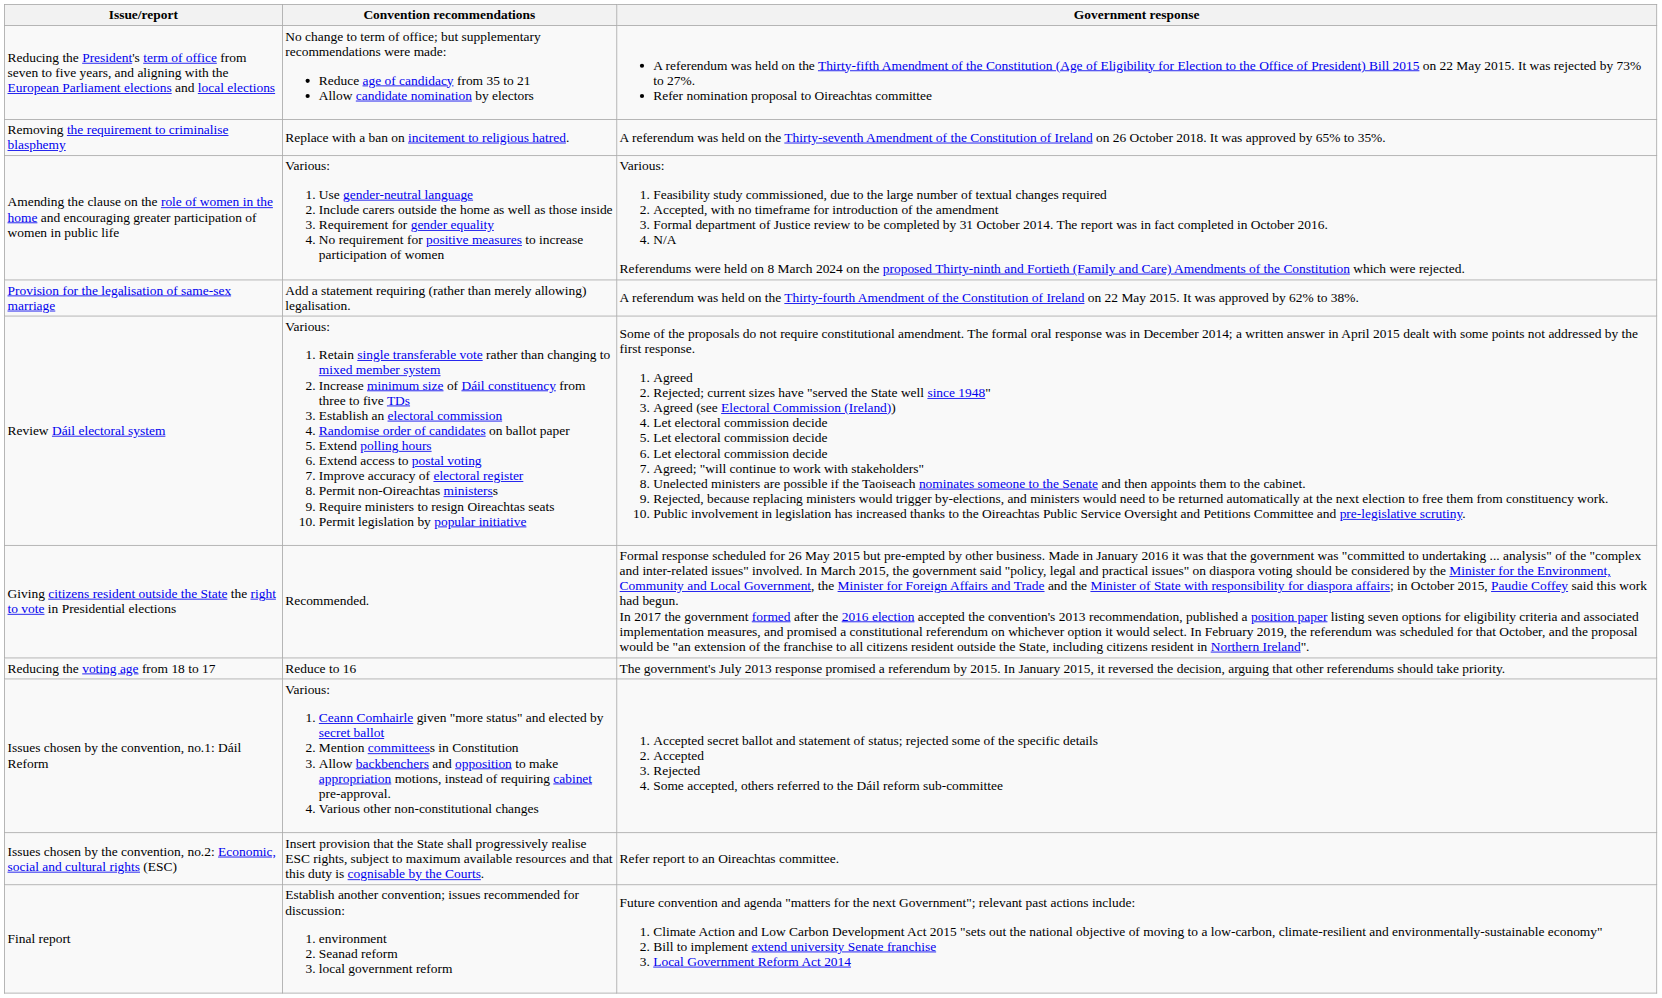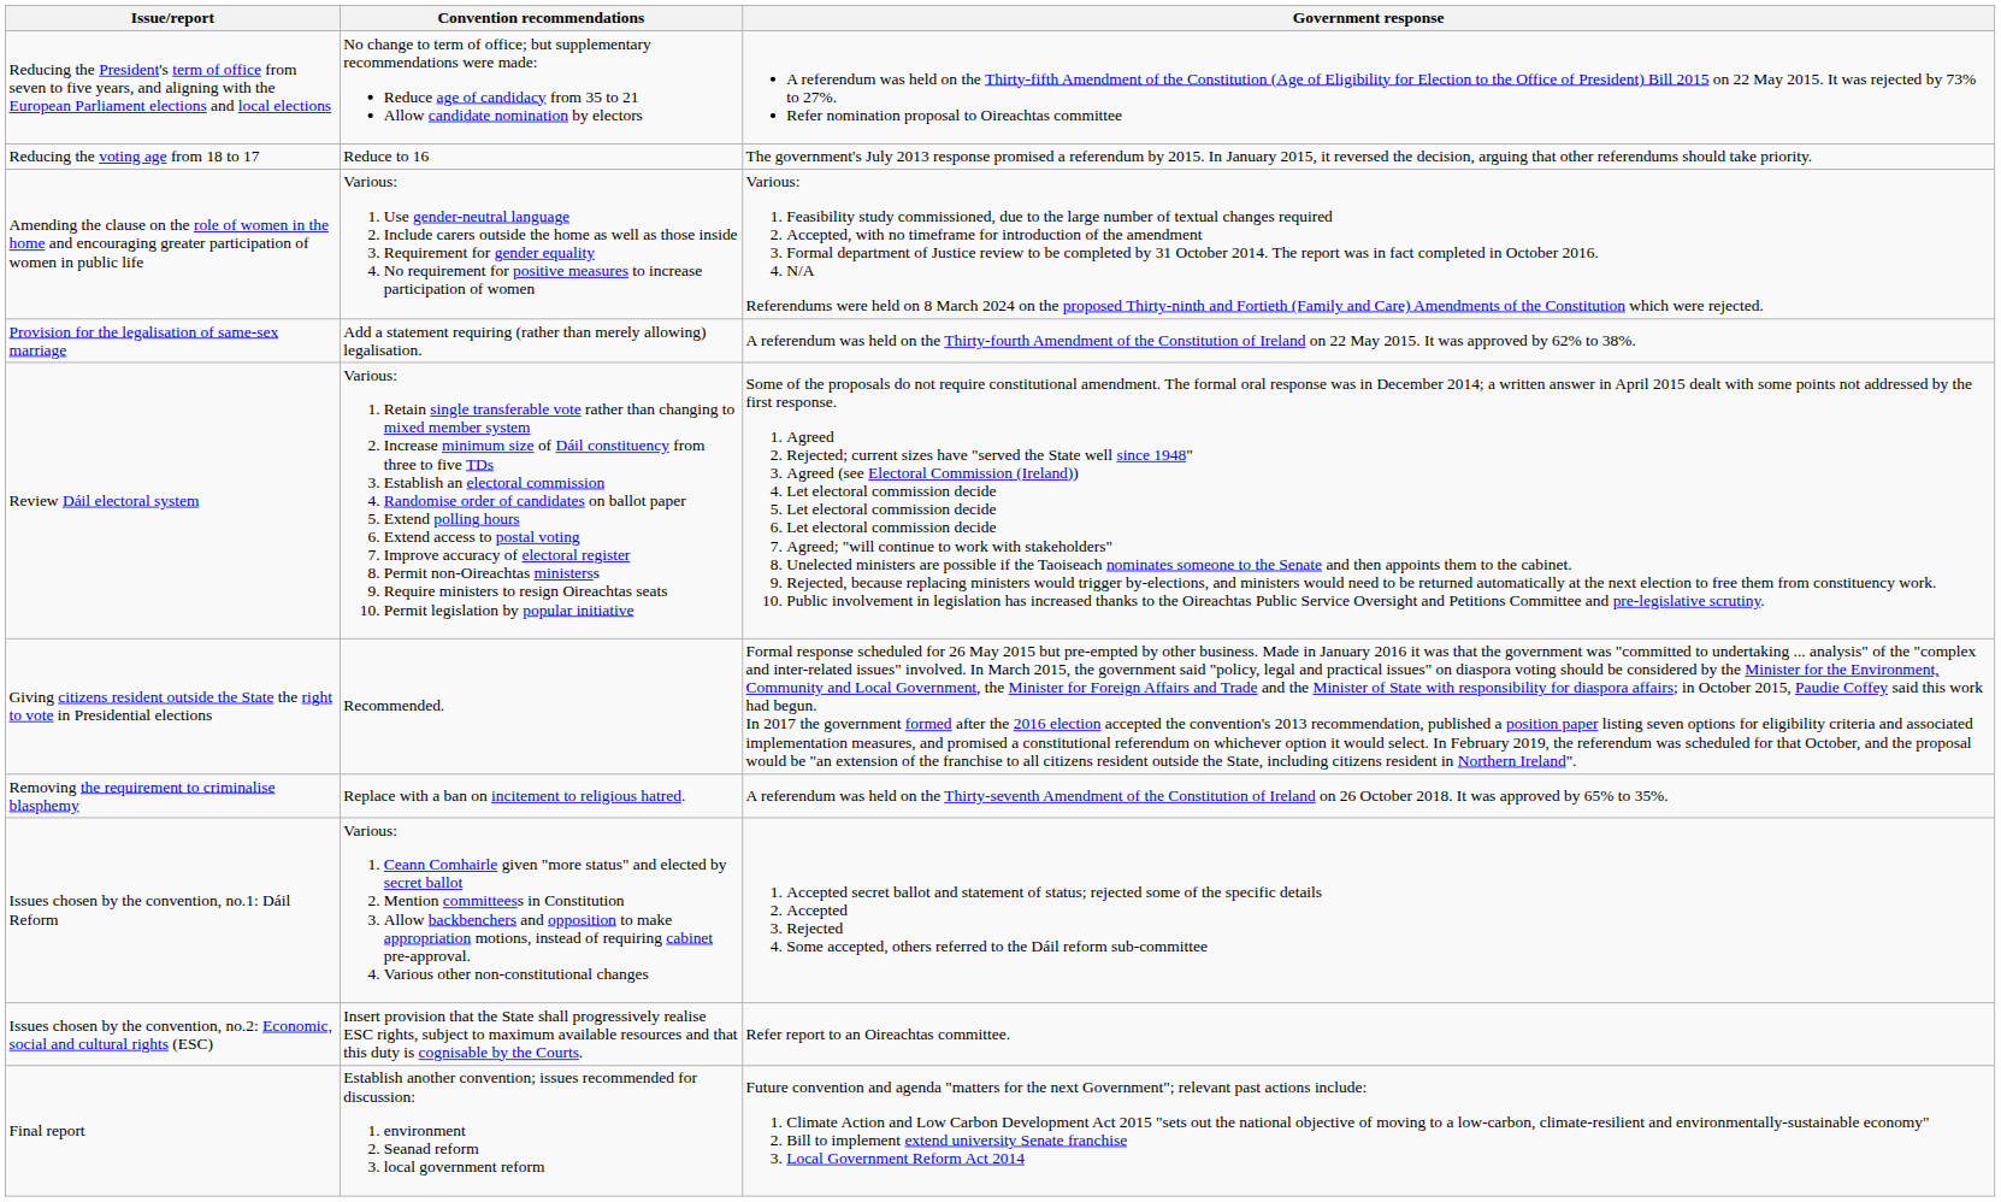 <table class="wikitable">
 <tr>
 <th>Issue/report</th>
 <th>Convention recommendations</th>
 <th>Government response</th>
 </tr>
 <tr>
 <td>Reducing the <a href='#'>President</a>'s <a href='#'>term of office</a> from seven to five years, and aligning with the <a href='#'>European Parliament elections</a> and <a href='#'>local elections</a></td>
 <td>No change to term of office; but supplementary recommendations were made:<br><ul><li>Reduce <a href='#'>age of candidacy</a> from 35 to 21</li><li>Allow <a href='#'>candidate nomination</a> by electors</li></ul></td>
 <td><br><ul><li>A referendum was held on the <a href='#'>Thirty-fifth Amendment of the Constitution (Age of Eligibility for Election to the Office of President) Bill 2015</a> on 22 May 2015. It was rejected by 73% to 27%.</li><li>Refer nomination proposal to Oireachtas committee</li></ul></td>
 </tr>
 <tr>
-<td>Removing <a href='#'>the requirement to criminalise blasphemy</a></td>
-<td>Replace with a ban on <a href='#'>incitement to religious hatred</a>.</td>
-<td>A referendum was held on the <a href='#'>Thirty-seventh Amendment of the Constitution of Ireland</a> on 26 October 2018. It was approved by 65% to 35%.</td>
+<td>Reducing the <a href='#'>voting age</a> from 18 to 17</td>
+<td>Reduce to 16</td>
+<td>The government's July 2013 response promised a referendum by 2015. In January 2015, it reversed the decision, arguing that other referendums should take priority.</td>
 </tr>
 <tr>
 <td>Amending the clause on the <a href='#'>role of women in the home</a> and encouraging greater participation of women in public life</td>
 <td>Various:<br><ol><li>Use <a href='#'>gender-neutral language</a></li><li>Include carers outside the home as well as those inside</li><li>Requirement for <a href='#'>gender equality</a></li><li>No requirement for <a href='#'>positive measures</a> to increase participation of women</li></ol></td>
 <td>Various:<br><ol><li>Feasibility study commissioned, due to the large number of textual changes required</li><li>Accepted, with no timeframe for introduction of the amendment</li><li>Formal department of Justice review to be completed by 31 October 2014. The report was in fact completed in October 2016.</li><li>N/A</li></ol>Referendums were held on 8 March 2024 on the <a href='#'>proposed Thirty-ninth and Fortieth (Family and Care) Amendments of the Constitution</a> which were rejected.</td>
 </tr>
 <tr>
 <td><a href='#'>Provision for the legalisation of same-sex marriage</a></td>
 <td>Add a statement requiring (rather than merely allowing) legalisation.</td>
 <td>A referendum was held on the <a href='#'>Thirty-fourth Amendment of the Constitution of Ireland</a> on 22 May 2015. It was approved by 62% to 38%.</td>
 </tr>
 <tr>
 <td>Review <a href='#'>Dáil electoral system</a></td>
 <td>Various:<br><ol><li>Retain <a href='#'>single transferable vote</a> rather than changing to <a href='#'>mixed member system</a></li><li>Increase <a href='#'>minimum size</a> of <a href='#'>Dáil constituency</a> from three to five <a href='#'>TDs</a></li><li>Establish an  <a href='#'>electoral commission</a></li><li><a href='#'>Randomise order of candidates</a> on ballot paper</li><li>Extend <a href='#'>polling hours</a></li><li>Extend access to <a href='#'>postal voting</a></li><li>Improve accuracy of <a href='#'>electoral register</a></li><li>Permit non-Oireachtas <a href='#'>ministers</a>s</li><li>Require ministers to resign Oireachtas seats</li><li>Permit legislation by <a href='#'>popular initiative</a></li></ol></td>
 <td>Some of the proposals do not require constitutional amendment. The formal oral response was in December 2014; a written answer in April 2015 dealt with some points not addressed by the first response.<br><ol><li>Agreed</li><li>Rejected; current sizes have "served the State well <a href='#'>since 1948</a>"</li><li>Agreed (see <a href='#'>Electoral Commission (Ireland)</a>)</li><li>Let electoral commission decide</li><li>Let electoral commission decide</li><li>Let electoral commission decide</li><li>Agreed; "will continue to work with stakeholders"</li><li>Unelected ministers are possible if the Taoiseach <a href='#'>nominates someone to the Senate</a> and then appoints them to the cabinet.</li><li>Rejected, because replacing ministers would trigger by-elections, and ministers would need to be returned automatically at the next election to free them from constituency work.</li><li>Public involvement in legislation has increased thanks to the Oireachtas Public Service Oversight and Petitions Committee and <a href='#'>pre-legislative scrutiny</a>.</li></ol></td>
 </tr>
 <tr>
 <td>Giving <a href='#'>citizens resident outside the State</a> the <a href='#'>right to vote</a> in Presidential elections</td>
 <td>Recommended.</td>
 <td> Formal response scheduled for 26 May 2015 but pre-empted by other business. Made in January 2016 it was that the government was "committed to undertaking ... analysis" of the "complex and inter-related issues" involved.  In March 2015, the government said "policy, legal and practical issues" on diaspora voting should be considered by the <a href='#'>Minister for the Environment, Community and Local Government</a>, the <a href='#'>Minister for Foreign Affairs and Trade</a> and the <a href='#'>Minister of State with responsibility for diaspora affairs</a>; in October 2015, <a href='#'>Paudie Coffey</a> said this work had begun.<br>In 2017 the government <a href='#'>formed</a> after the <a href='#'>2016 election</a> accepted the convention's 2013 recommendation, published a <a href='#'>position paper</a> listing seven options for eligibility criteria and associated implementation measures, and promised a constitutional referendum on whichever option it would select. In February 2019, the referendum was scheduled for that October, and the proposal would be "an extension of the franchise to all citizens resident outside the State, including citizens resident in <a href='#'>Northern Ireland</a>".</td>
 </tr>
 <tr>
-<td>Reducing the <a href='#'>voting age</a> from 18 to 17</td>
-<td>Reduce to 16</td>
-<td>The government's July 2013 response promised a referendum by 2015. In January 2015, it reversed the decision, arguing that other referendums should take priority.</td>
+<td>Removing <a href='#'>the requirement to criminalise blasphemy</a></td>
+<td>Replace with a ban on <a href='#'>incitement to religious hatred</a>.</td>
+<td>A referendum was held on the <a href='#'>Thirty-seventh Amendment of the Constitution of Ireland</a> on 26 October 2018. It was approved by 65% to 35%.</td>
 </tr>
 <tr>
 <td>Issues chosen by the convention, no.1: Dáil Reform</td>
 <td>Various:<br><ol><li><a href='#'>Ceann Comhairle</a> given "more status" and elected by <a href='#'>secret ballot</a></li><li>Mention <a href='#'>committees</a>s in Constitution</li><li>Allow <a href='#'>backbenchers</a> and <a href='#'>opposition</a> to make <a href='#'>appropriation</a> motions, instead of requiring <a href='#'>cabinet</a> pre-approval.</li><li>Various other non-constitutional changes</li></ol></td>
 <td><br><ol><li>Accepted secret ballot and statement of status; rejected some of the specific details</li><li>Accepted</li><li>Rejected</li><li>Some accepted, others referred to the Dáil reform sub-committee</li></ol></td>
 </tr>
 <tr>
 <td>Issues chosen by the convention, no.2: <a href='#'>Economic, social and cultural rights</a> (ESC)</td>
 <td>Insert provision that the State shall progressively realise ESC rights, subject to maximum available resources and that this duty is <a href='#'>cognisable by the Courts</a>.</td>
 <td>Refer report to an Oireachtas committee.</td>
 </tr>
 <tr>
 <td>Final report</td>
 <td>Establish another convention; issues recommended for discussion:<br><ol><li>environment</li><li>Seanad reform</li><li>local government reform</li></ol></td>
 <td>Future convention and agenda "matters for the next Government"; relevant past actions include:<br><ol><li>Climate Action and Low Carbon Development Act 2015 "sets out the national objective of moving to a low-carbon, climate-resilient and environmentally-sustainable economy"</li><li>Bill to implement <a href='#'>extend university Senate franchise</a></li><li><a href='#'>Local Government Reform Act 2014</a></li></ol></td>
 </tr>
 </table>
